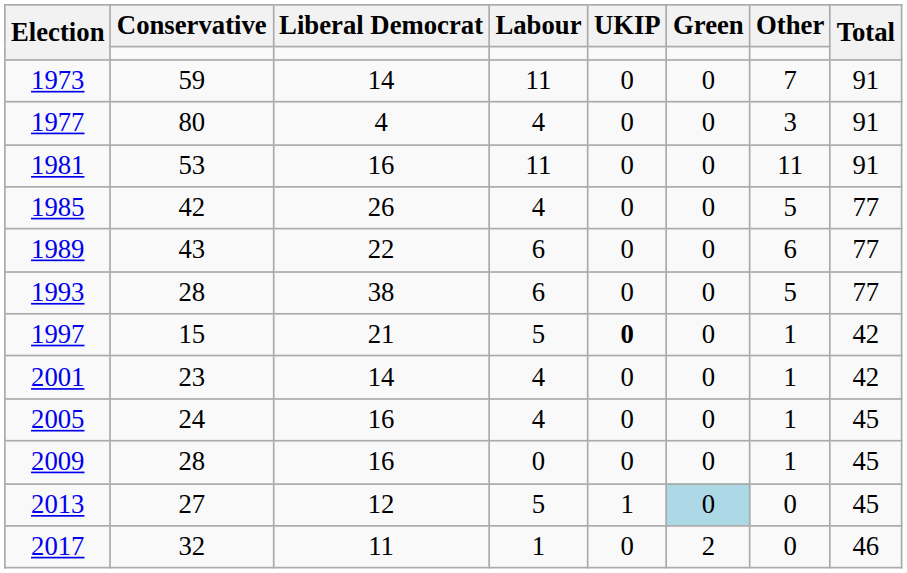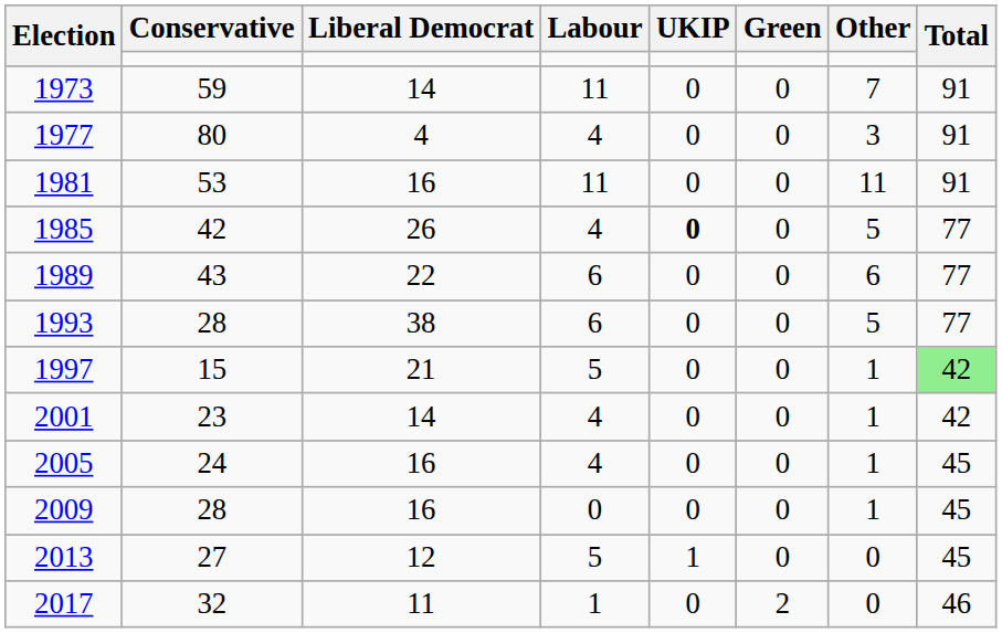 <table class="wikitable" style="text-align: center">
 <tr>
 <th rowspan="2">Election</th>
 <th>Conservative</th>
 <th>Liberal Democrat</th>
 <th>Labour</th>
 <th>UKIP</th>
 <th>Green</th>
 <th>Other</th>
 <th rowspan="2">Total</th>
 </tr>
 <tr>
 <td style="background-color: "></td>
 <td style="background-color: "></td>
 <td style="background-color: "></td>
 <td style="background-color: "></td>
 <td style="background-color: "></td>
 <td style="background-color: "></td>
 </tr>
 <tr>
 <td><a href='#'>1973</a></td>
 <td>59</td>
 <td>14</td>
 <td>11</td>
 <td>0</td>
 <td>0</td>
 <td>7</td>
 <td>91</td>
 </tr>
 <tr>
 <td><a href='#'>1977</a></td>
 <td>80</td>
 <td>4</td>
 <td>4</td>
 <td>0</td>
 <td>0</td>
 <td>3</td>
 <td>91</td>
 </tr>
 <tr>
 <td><a href='#'>1981</a></td>
 <td>53</td>
 <td>16</td>
 <td>11</td>
 <td>0</td>
 <td>0</td>
 <td>11</td>
 <td>91</td>
 </tr>
 <tr>
 <td><a href='#'>1985</a></td>
 <td>42</td>
 <td>26</td>
 <td>4</td>
-<td>0</td>
+<td><strong>0</strong></td>
 <td>0</td>
 <td>5</td>
 <td>77</td>
 </tr>
 <tr>
 <td><a href='#'>1989</a></td>
 <td>43</td>
 <td>22</td>
 <td>6</td>
 <td>0</td>
 <td>0</td>
 <td>6</td>
 <td>77</td>
 </tr>
 <tr>
 <td><a href='#'>1993</a></td>
 <td>28</td>
 <td>38</td>
 <td>6</td>
 <td>0</td>
 <td>0</td>
 <td>5</td>
 <td>77</td>
 </tr>
 <tr>
 <td><a href='#'>1997</a></td>
 <td>15</td>
 <td>21</td>
 <td>5</td>
-<td><strong>0</strong></td>
+<td>0</td>
 <td>0</td>
 <td>1</td>
-<td>42</td>
+<td style="background: lightgreen;">42</td>
 </tr>
 <tr>
 <td><a href='#'>2001</a></td>
 <td>23</td>
 <td>14</td>
 <td>4</td>
 <td>0</td>
 <td>0</td>
 <td>1</td>
 <td>42</td>
 </tr>
 <tr>
 <td><a href='#'>2005</a></td>
 <td>24</td>
 <td>16</td>
 <td>4</td>
 <td>0</td>
 <td>0</td>
 <td>1</td>
 <td>45</td>
 </tr>
 <tr>
 <td><a href='#'>2009</a></td>
 <td>28</td>
 <td>16</td>
 <td>0</td>
 <td>0</td>
 <td>0</td>
 <td>1</td>
 <td>45</td>
 </tr>
 <tr>
 <td><a href='#'>2013</a></td>
 <td>27</td>
 <td>12</td>
 <td>5</td>
 <td>1</td>
-<td style="background: lightblue;">0</td>
+<td>0</td>
 <td>0</td>
 <td>45</td>
 </tr>
 <tr>
 <td><a href='#'>2017</a></td>
 <td>32</td>
 <td>11</td>
 <td>1</td>
 <td>0</td>
 <td>2</td>
 <td>0</td>
 <td>46</td>
 </tr>
 </table>
